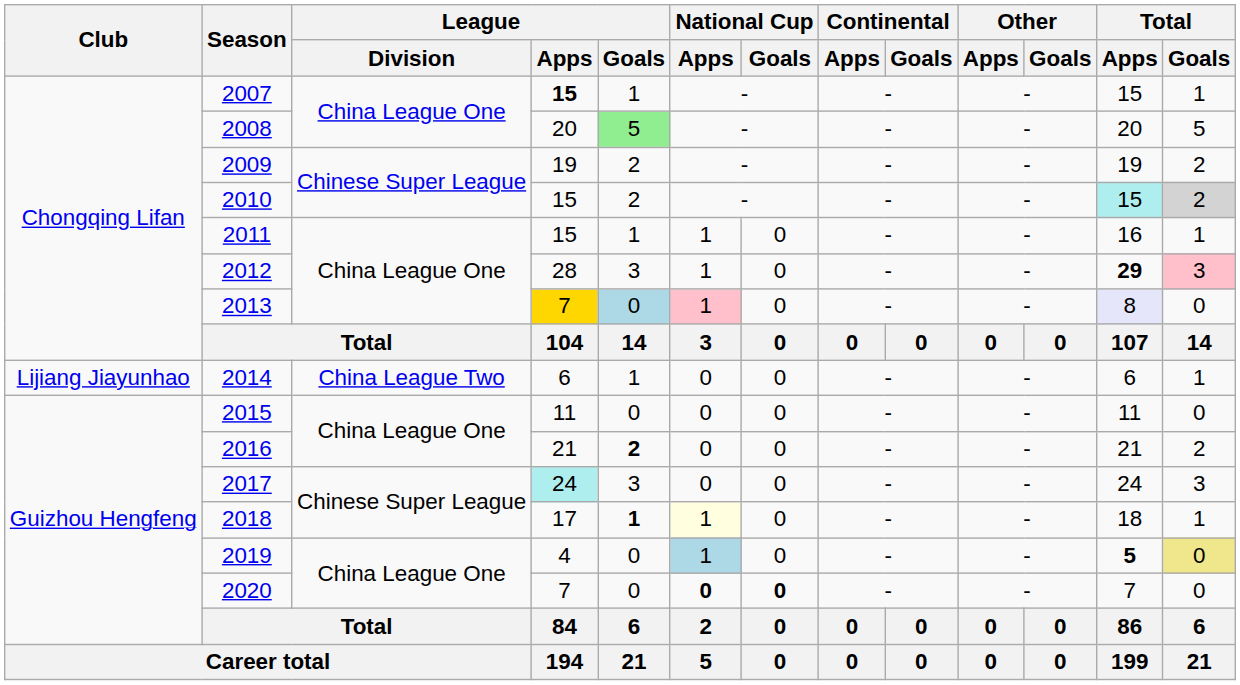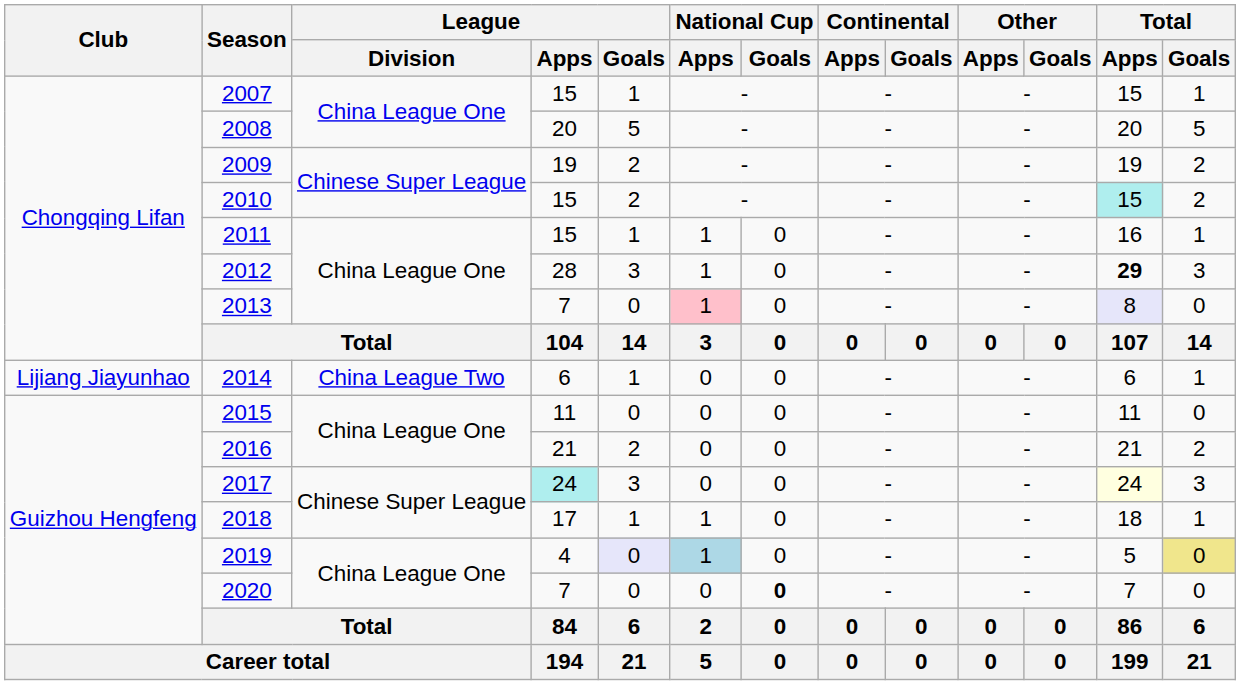 <table class="wikitable" style="text-align: center">
 <tr>
 <th rowspan="2">Club</th>
 <th rowspan="2">Season</th>
 <th colspan="3">League</th>
 <th colspan="2">National Cup</th>
 <th colspan="2">Continental</th>
 <th colspan="2">Other</th>
 <th colspan="2">Total</th>
 </tr>
 <tr>
 <th>Division</th>
 <th>Apps</th>
 <th>Goals</th>
 <th>Apps</th>
 <th>Goals</th>
 <th>Apps</th>
 <th>Goals</th>
 <th>Apps</th>
 <th>Goals</th>
 <th>Apps</th>
 <th>Goals</th>
 </tr>
 <tr>
 <td rowspan=8><a href='#'>Chongqing Lifan</a></td>
 <td><a href='#'>2007</a></td>
 <td rowspan="2"><a href='#'>China League One</a></td>
-<td><strong>15</strong></td>
+<td>15</td>
 <td>1</td>
 <td colspan="2">-</td>
 <td colspan="2">-</td>
 <td colspan="2">-</td>
 <td>15</td>
 <td>1</td>
 </tr>
 <tr>
 <td><a href='#'>2008</a></td>
 <td>20</td>
-<td style="background: lightgreen;">5</td>
+<td>5</td>
 <td colspan="2">-</td>
 <td colspan="2">-</td>
 <td colspan="2">-</td>
 <td>20</td>
 <td>5</td>
 </tr>
 <tr>
 <td><a href='#'>2009</a></td>
 <td rowspan="2"><a href='#'>Chinese Super League</a></td>
 <td>19</td>
 <td>2</td>
 <td colspan="2">-</td>
 <td colspan="2">-</td>
 <td colspan="2">-</td>
 <td>19</td>
 <td>2</td>
 </tr>
 <tr>
 <td><a href='#'>2010</a></td>
 <td>15</td>
 <td>2</td>
 <td colspan="2">-</td>
 <td colspan="2">-</td>
 <td colspan="2">-</td>
 <td style="background: paleturquoise;">15</td>
-<td style="background: lightgrey;">2</td>
+<td>2</td>
 </tr>
 <tr>
 <td><a href='#'>2011</a></td>
 <td rowspan="3">China League One</td>
 <td>15</td>
 <td>1</td>
 <td>1</td>
 <td>0</td>
 <td colspan="2">-</td>
 <td colspan="2">-</td>
 <td>16</td>
 <td>1</td>
 </tr>
 <tr>
 <td><a href='#'>2012</a></td>
 <td>28</td>
 <td>3</td>
 <td>1</td>
 <td>0</td>
 <td colspan="2">-</td>
 <td colspan="2">-</td>
 <td><strong>29</strong></td>
-<td style="background: pink;">3</td>
+<td>3</td>
 </tr>
 <tr>
 <td><a href='#'>2013</a></td>
-<td style="background: gold;">7</td>
-<td style="background: lightblue;">0</td>
+<td>7</td>
+<td>0</td>
 <td style="background: pink;">1</td>
 <td>0</td>
 <td colspan="2">-</td>
 <td colspan="2">-</td>
 <td style="background: lavender;">8</td>
 <td>0</td>
 </tr>
 <tr>
 <th colspan="2"><strong>Total</strong></th>
 <th>104</th>
 <th>14</th>
 <th>3</th>
 <th>0</th>
 <th>0</th>
 <th>0</th>
 <th>0</th>
 <th>0</th>
 <th>107</th>
 <th>14</th>
 </tr>
 <tr>
 <td><a href='#'>Lijiang Jiayunhao</a></td>
 <td><a href='#'>2014</a></td>
 <td><a href='#'>China League Two</a></td>
 <td>6</td>
 <td>1</td>
 <td>0</td>
 <td>0</td>
 <td colspan="2">-</td>
 <td colspan="2">-</td>
 <td>6</td>
 <td>1</td>
 </tr>
 <tr>
 <td rowspan=7><a href='#'>Guizhou Hengfeng</a></td>
 <td><a href='#'>2015</a></td>
 <td rowspan="2">China League One</td>
 <td>11</td>
 <td>0</td>
 <td>0</td>
 <td>0</td>
 <td colspan="2">-</td>
 <td colspan="2">-</td>
 <td>11</td>
 <td>0</td>
 </tr>
 <tr>
 <td><a href='#'>2016</a></td>
 <td>21</td>
-<td><strong>2</strong></td>
+<td>2</td>
 <td>0</td>
 <td>0</td>
 <td colspan="2">-</td>
 <td colspan="2">-</td>
 <td>21</td>
 <td>2</td>
 </tr>
 <tr>
 <td><a href='#'>2017</a></td>
 <td rowspan="2">Chinese Super League</td>
 <td style="background: paleturquoise;">24</td>
 <td>3</td>
 <td>0</td>
 <td>0</td>
 <td colspan="2">-</td>
 <td colspan="2">-</td>
-<td>24</td>
+<td style="background: lightyellow;">24</td>
 <td>3</td>
 </tr>
 <tr>
 <td><a href='#'>2018</a></td>
 <td>17</td>
-<td><strong>1</strong></td>
-<td style="background: lightyellow;">1</td>
+<td>1</td>
+<td>1</td>
 <td>0</td>
 <td colspan="2">-</td>
 <td colspan="2">-</td>
 <td>18</td>
 <td>1</td>
 </tr>
 <tr>
 <td><a href='#'>2019</a></td>
 <td rowspan=2>China League One</td>
 <td>4</td>
-<td>0</td>
+<td style="background: lavender;">0</td>
 <td style="background: lightblue;">1</td>
 <td>0</td>
 <td colspan="2">-</td>
 <td colspan="2">-</td>
-<td><strong>5</strong></td>
+<td>5</td>
 <td style="background: khaki;">0</td>
 </tr>
 <tr>
 <td><a href='#'>2020</a></td>
 <td>7</td>
 <td>0</td>
-<td><strong>0</strong></td>
+<td>0</td>
 <td><strong>0</strong></td>
 <td colspan="2">-</td>
 <td colspan="2">-</td>
 <td>7</td>
 <td>0</td>
 </tr>
 <tr>
 <th colspan="2"><strong>Total</strong></th>
 <th>84</th>
 <th>6</th>
 <th>2</th>
 <th>0</th>
 <th>0</th>
 <th>0</th>
 <th>0</th>
 <th>0</th>
 <th>86</th>
 <th>6</th>
 </tr>
 <tr>
 <th colspan=3>Career total</th>
 <th>194</th>
 <th>21</th>
 <th>5</th>
 <th>0</th>
 <th>0</th>
 <th>0</th>
 <th>0</th>
 <th>0</th>
 <th>199</th>
 <th>21</th>
 </tr>
 </table>
